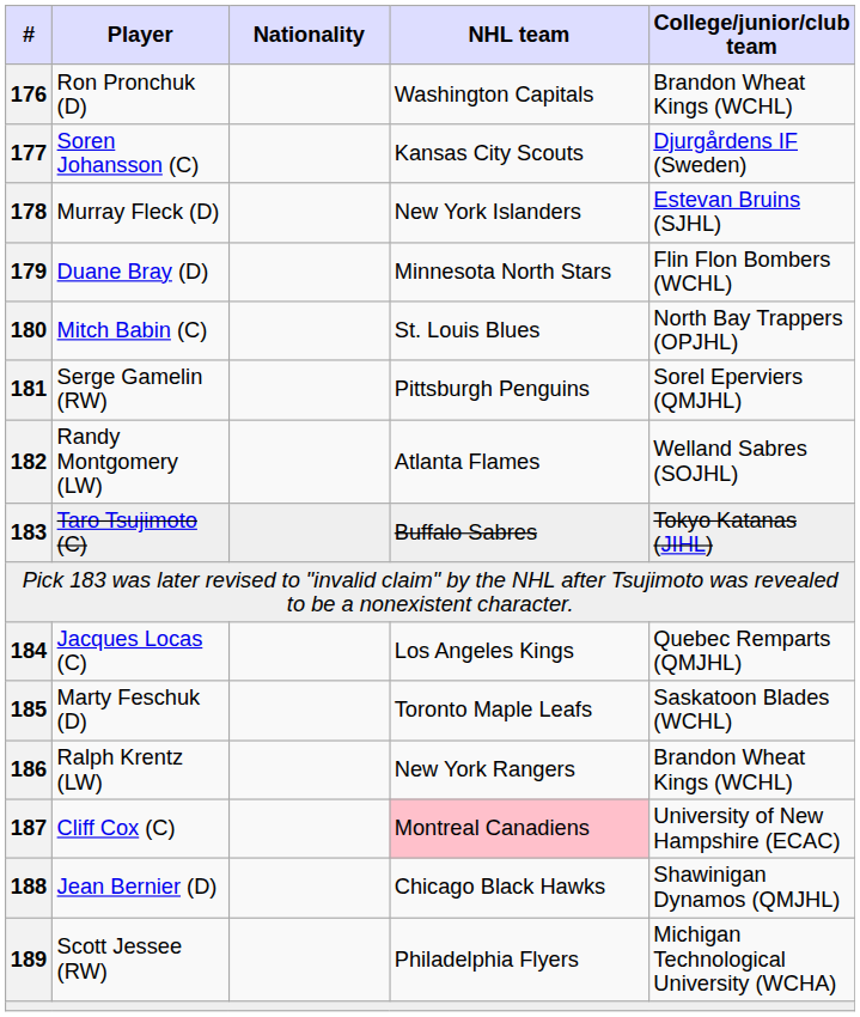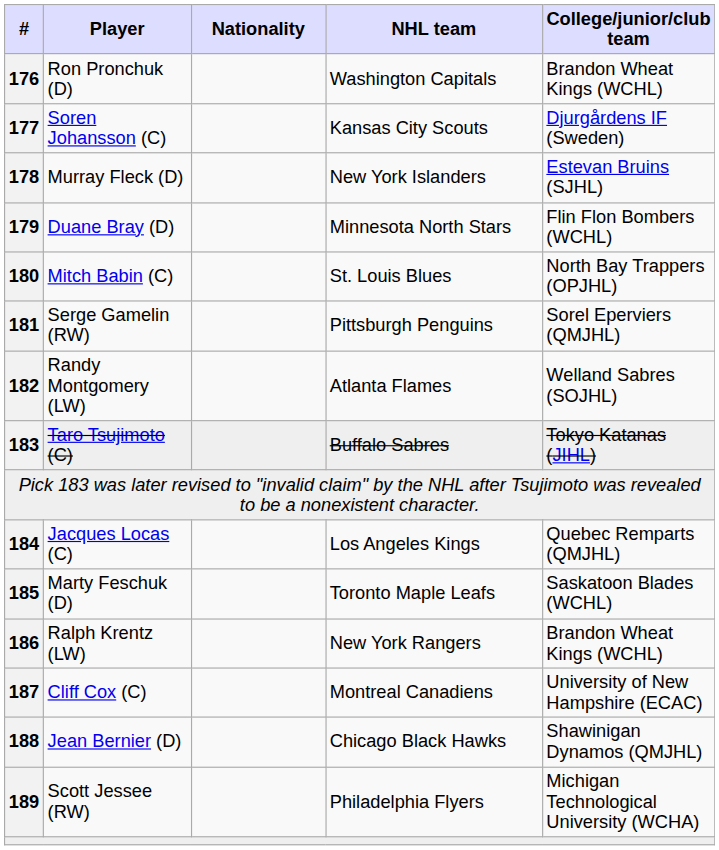 <table class="wikitable" style="width: 100%">
 <tr>
 <th style="background:#ddf; width:2.75%;">#</th>
 <th style="background:#ddf; width:22.0%;">Player</th>
 <th style="background:#ddf; width:20.0%;">Nationality</th>
 <th style="background:#ddf; width:34.0%;">NHL team</th>
 <th style="background:#ddf; width:100.0%;">College/junior/club team</th>
 </tr>
 <tr>
 <th>176</th>
 <td>Ron Pronchuk (D)</td>
 <td></td>
 <td>Washington Capitals</td>
 <td>Brandon Wheat Kings (WCHL)</td>
 </tr>
 <tr>
 <th>177</th>
 <td><a href='#'>Soren Johansson</a> (C)</td>
 <td></td>
 <td>Kansas City Scouts</td>
 <td><a href='#'>Djurgårdens IF</a> (Sweden) </td>
 </tr>
 <tr>
 <th>178</th>
 <td>Murray Fleck (D)</td>
 <td></td>
 <td>New York Islanders</td>
 <td><a href='#'>Estevan Bruins</a> (SJHL)</td>
 </tr>
 <tr>
 <th>179</th>
 <td><a href='#'>Duane Bray</a> (D)</td>
 <td></td>
 <td>Minnesota North Stars</td>
 <td>Flin Flon Bombers (WCHL)</td>
 </tr>
 <tr>
 <th>180</th>
 <td><a href='#'>Mitch Babin</a> (C)</td>
 <td></td>
 <td>St. Louis Blues</td>
 <td>North Bay Trappers (OPJHL)</td>
 </tr>
 <tr>
 <th>181</th>
 <td>Serge Gamelin (RW)</td>
 <td></td>
 <td>Pittsburgh Penguins</td>
 <td>Sorel Eperviers (QMJHL)</td>
 </tr>
 <tr>
 <th>182</th>
 <td>Randy Montgomery (LW)</td>
 <td></td>
 <td>Atlanta Flames</td>
 <td>Welland Sabres (SOJHL)</td>
 </tr>
 <tr style="background:#efefef; text-decoration:strikethrough;">
 <th>183</th>
 <td><s><a href='#'>Taro Tsujimoto</a> (C)</s></td>
 <td><s></s></td>
 <td><s>Buffalo Sabres</s></td>
 <td><s>Tokyo Katanas (<a href='#'>JIHL</a>)</s></td>
 </tr>
 <tr>
 <td colspan=5 style="background:#efefef; text-align: center;"><em>Pick 183 was later revised to "invalid claim" by the NHL after Tsujimoto was revealed to be a nonexistent character.</em></td>
 </tr>
 <tr>
 <th>184</th>
 <td><a href='#'>Jacques Locas</a> (C)</td>
 <td></td>
 <td>Los Angeles Kings</td>
 <td>Quebec Remparts (QMJHL)</td>
 </tr>
 <tr>
 <th>185</th>
 <td>Marty Feschuk (D)</td>
 <td></td>
 <td>Toronto Maple Leafs</td>
 <td>Saskatoon Blades (WCHL)</td>
 </tr>
 <tr>
 <th>186</th>
 <td>Ralph Krentz (LW)</td>
 <td></td>
 <td>New York Rangers</td>
 <td>Brandon Wheat Kings (WCHL)</td>
 </tr>
 <tr>
 <th>187</th>
 <td><a href='#'>Cliff Cox</a> (C)</td>
 <td></td>
-<td style="background: pink;">Montreal Canadiens</td>
+<td>Montreal Canadiens</td>
 <td>University of New Hampshire (ECAC)</td>
 </tr>
 <tr>
 <th>188</th>
 <td><a href='#'>Jean Bernier</a> (D)</td>
 <td></td>
 <td>Chicago Black Hawks</td>
 <td>Shawinigan Dynamos (QMJHL)</td>
 </tr>
 <tr>
 <th>189</th>
 <td>Scott Jessee (RW)</td>
 <td></td>
 <td>Philadelphia Flyers</td>
 <td>Michigan Technological University (WCHA)</td>
 </tr>
 <tr>
 <td style="text-align:center; background:#efefef" colspan="6"></td>
 </tr>
 </table>
